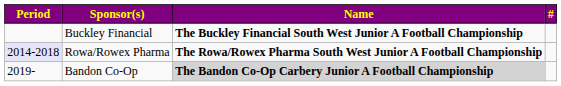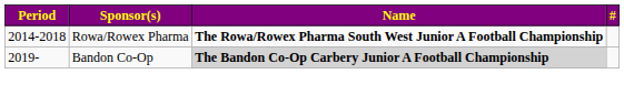 <table class="wikitable" style="text-align:left;">
 <tr>
 <th style="background:purple;color:yellow;border:1px solid black">Period</th>
 <th style="background:purple;color:yellow;border:1px solid black">Sponsor(s)</th>
 <th style="background:purple;color:yellow;border:1px solid black">Name</th>
 <th style="background:purple;color:yellow;border:1px solid black">#</th>
 </tr>
 <tr>
-<td></td>
-<td>Buckley Financial</td>
-<td><strong>The Buckley Financial South West Junior A Football Championship</strong></td>
-<td></td>
-</tr>
-<tr>
-<td style="background: lavender;">2014-2018</td>
+<td>2014-2018</td>
 <td>Rowa/Rowex Pharma</td>
 <td><strong>The Rowa/Rowex Pharma South West Junior A Football Championship</strong></td>
 <td></td>
 </tr>
 <tr>
 <td>2019-</td>
 <td>Bandon Co-Op</td>
 <td style="background: lightgrey;"><strong>The Bandon Co-Op Carbery Junior A Football Championship</strong></td>
 <td></td>
 </tr>
 </table>
